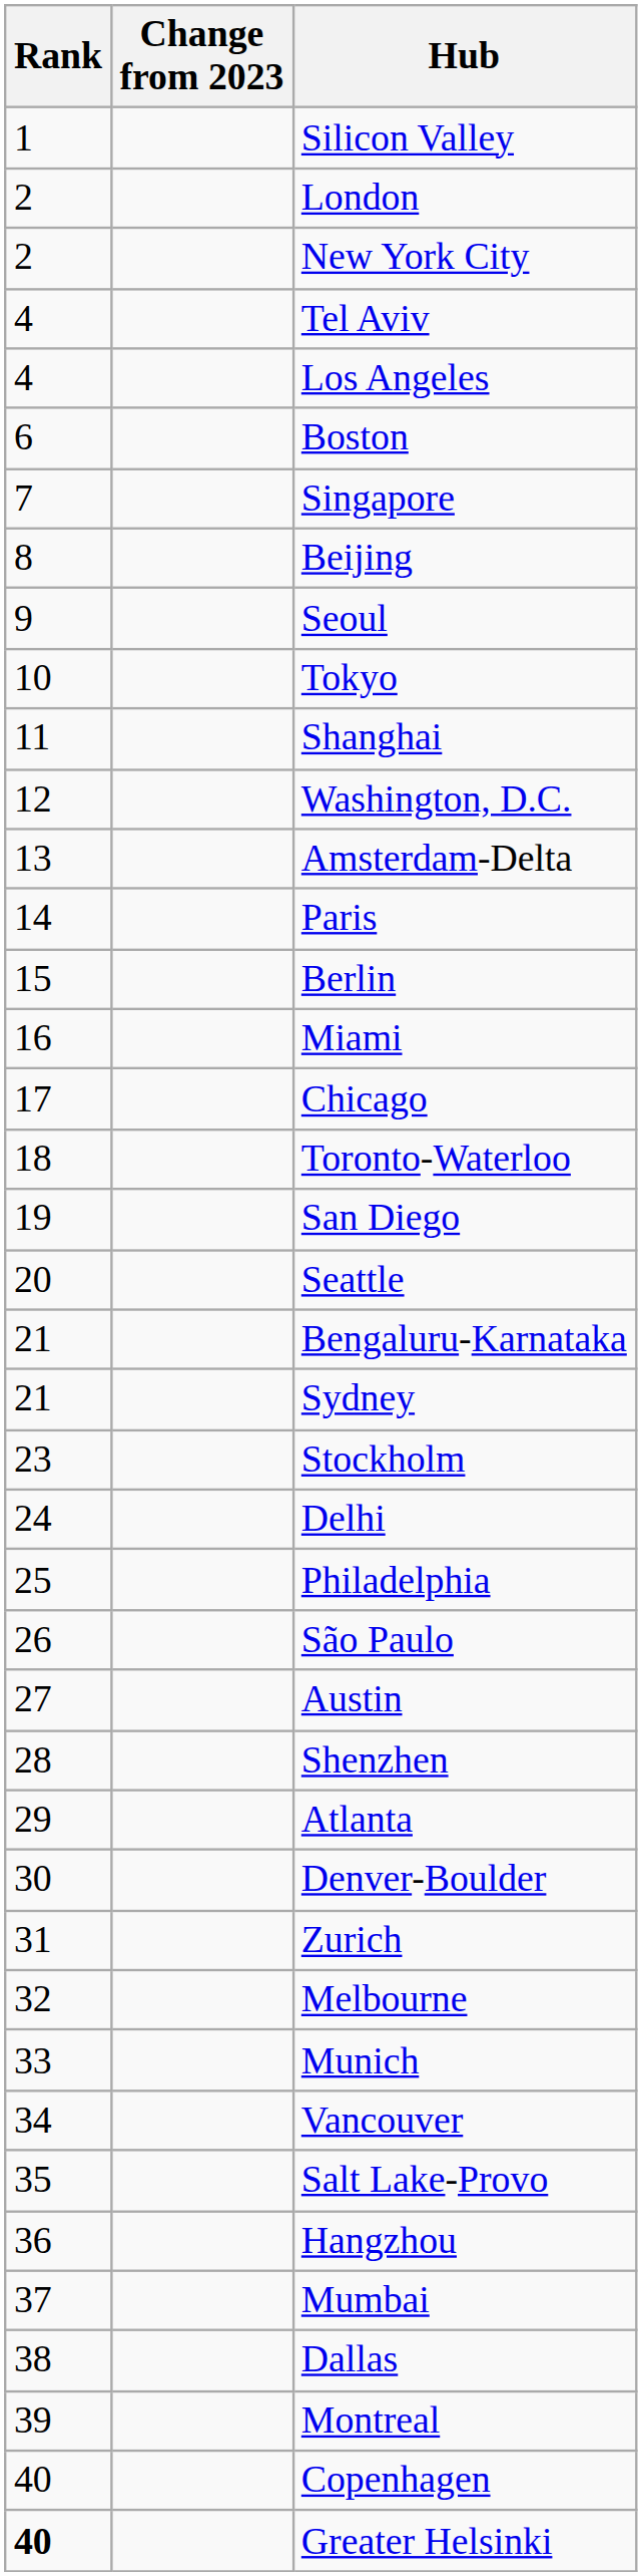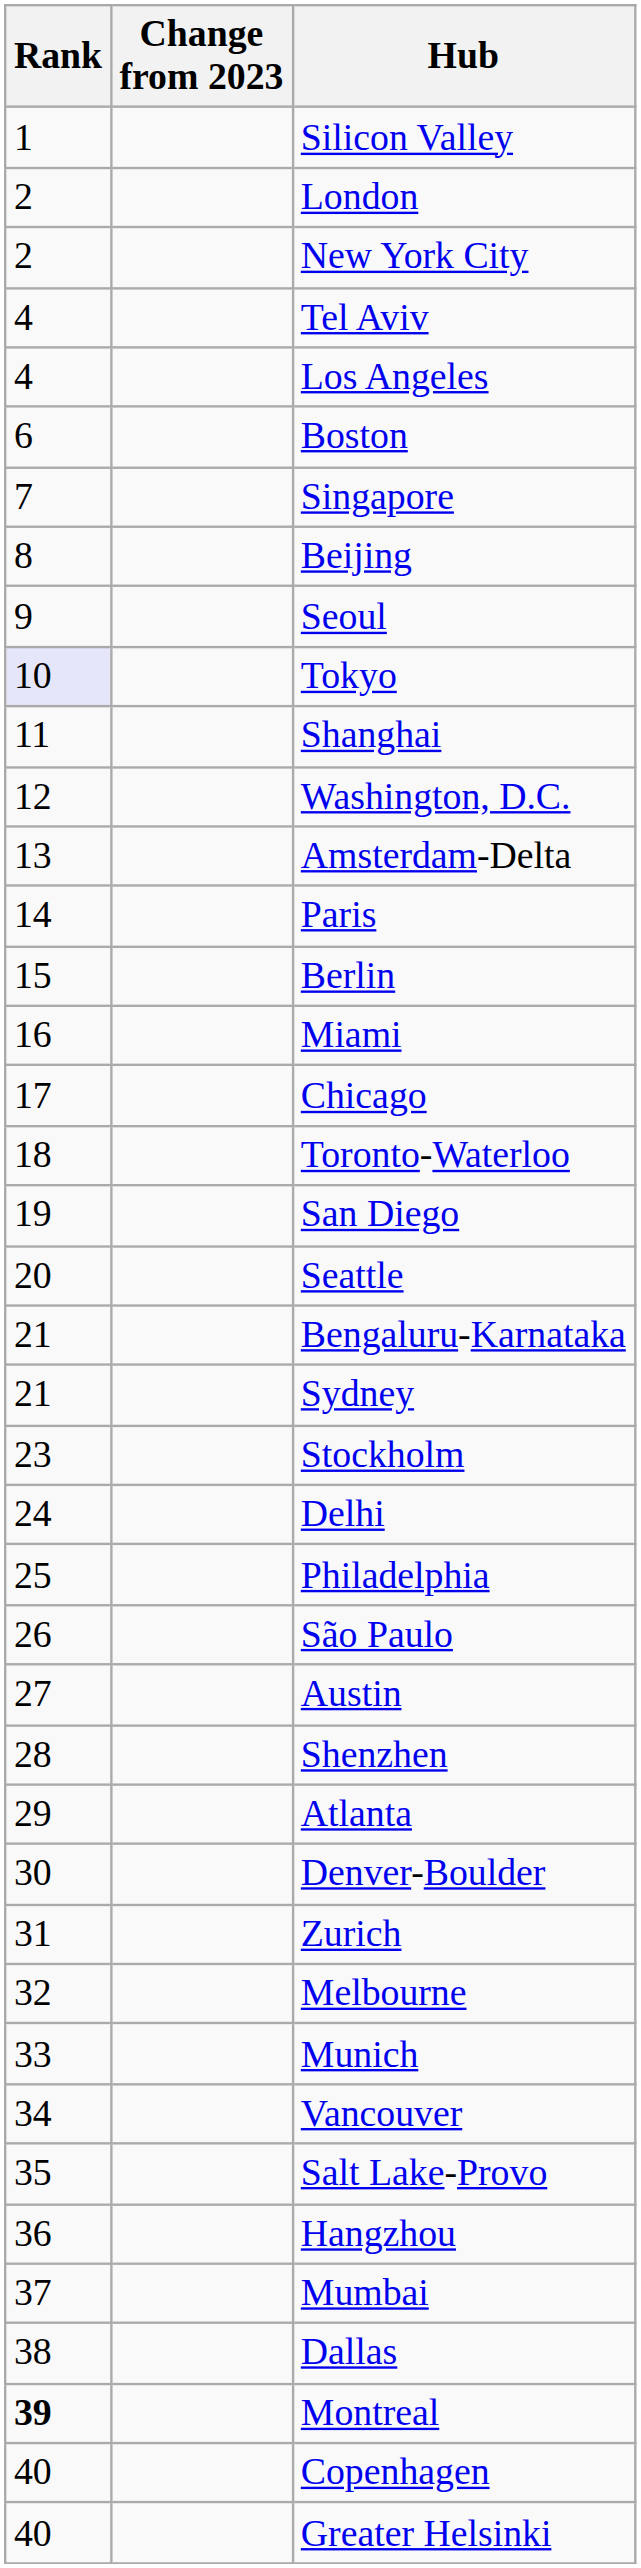 <table class="wikitable">
 <tr>
 <th>Rank</th>
 <th>Change<br>from 2023</th>
 <th>Hub</th>
 </tr>
 <tr>
 <td>1</td>
 <td></td>
 <td> <a href='#'>Silicon Valley</a></td>
 </tr>
 <tr>
 <td>2</td>
 <td></td>
 <td> <a href='#'>London</a></td>
 </tr>
 <tr>
 <td>2</td>
 <td></td>
 <td> <a href='#'>New York City</a></td>
 </tr>
 <tr>
 <td>4</td>
 <td></td>
 <td> <a href='#'>Tel Aviv</a></td>
 </tr>
 <tr>
 <td>4</td>
 <td></td>
 <td> <a href='#'>Los Angeles</a></td>
 </tr>
 <tr>
 <td>6</td>
 <td></td>
 <td> <a href='#'>Boston</a></td>
 </tr>
 <tr>
 <td>7</td>
 <td></td>
 <td> <a href='#'>Singapore</a></td>
 </tr>
 <tr>
 <td>8</td>
 <td></td>
 <td> <a href='#'>Beijing</a></td>
 </tr>
 <tr>
 <td>9</td>
 <td></td>
 <td> <a href='#'>Seoul</a></td>
 </tr>
 <tr>
-<td>10</td>
+<td style="background: lavender;">10</td>
 <td></td>
 <td> <a href='#'>Tokyo</a></td>
 </tr>
 <tr>
 <td>11</td>
 <td></td>
 <td> <a href='#'>Shanghai</a></td>
 </tr>
 <tr>
 <td>12</td>
 <td></td>
 <td> <a href='#'>Washington, D.C.</a></td>
 </tr>
 <tr>
 <td>13</td>
 <td></td>
 <td> <a href='#'>Amsterdam</a>-Delta</td>
 </tr>
 <tr>
 <td>14</td>
 <td></td>
 <td> <a href='#'>Paris</a></td>
 </tr>
 <tr>
 <td>15</td>
 <td></td>
 <td> <a href='#'>Berlin</a></td>
 </tr>
 <tr>
 <td>16</td>
 <td></td>
 <td> <a href='#'>Miami</a></td>
 </tr>
 <tr>
 <td>17</td>
 <td></td>
 <td> <a href='#'>Chicago</a></td>
 </tr>
 <tr>
 <td>18</td>
 <td></td>
 <td> <a href='#'>Toronto</a>-<a href='#'>Waterloo</a></td>
 </tr>
 <tr>
 <td>19</td>
 <td></td>
 <td> <a href='#'>San Diego</a></td>
 </tr>
 <tr>
 <td>20</td>
 <td></td>
 <td> <a href='#'>Seattle</a></td>
 </tr>
 <tr>
 <td>21</td>
 <td></td>
 <td> <a href='#'>Bengaluru</a>-<a href='#'>Karnataka</a></td>
 </tr>
 <tr>
 <td>21</td>
 <td></td>
 <td> <a href='#'>Sydney</a></td>
 </tr>
 <tr>
 <td>23</td>
 <td></td>
 <td> <a href='#'>Stockholm</a></td>
 </tr>
 <tr>
 <td>24</td>
 <td></td>
 <td> <a href='#'>Delhi</a></td>
 </tr>
 <tr>
 <td>25</td>
 <td></td>
 <td> <a href='#'>Philadelphia</a></td>
 </tr>
 <tr>
 <td>26</td>
 <td></td>
 <td> <a href='#'>São Paulo</a></td>
 </tr>
 <tr>
 <td>27</td>
 <td></td>
 <td> <a href='#'>Austin</a></td>
 </tr>
 <tr>
 <td>28</td>
 <td></td>
 <td> <a href='#'>Shenzhen</a></td>
 </tr>
 <tr>
 <td>29</td>
 <td></td>
 <td> <a href='#'>Atlanta</a></td>
 </tr>
 <tr>
 <td>30</td>
 <td></td>
 <td> <a href='#'>Denver</a>-<a href='#'>Boulder</a></td>
 </tr>
 <tr>
 <td>31</td>
 <td></td>
 <td> <a href='#'>Zurich</a></td>
 </tr>
 <tr>
 <td>32</td>
 <td></td>
 <td> <a href='#'>Melbourne</a></td>
 </tr>
 <tr>
 <td>33</td>
 <td></td>
 <td> <a href='#'>Munich</a></td>
 </tr>
 <tr>
 <td>34</td>
 <td></td>
 <td> <a href='#'>Vancouver</a></td>
 </tr>
 <tr>
 <td>35</td>
 <td></td>
 <td> <a href='#'>Salt Lake</a>-<a href='#'>Provo</a></td>
 </tr>
 <tr>
 <td>36</td>
 <td></td>
 <td> <a href='#'>Hangzhou</a></td>
 </tr>
 <tr>
 <td>37</td>
 <td></td>
 <td> <a href='#'>Mumbai</a></td>
 </tr>
 <tr>
 <td>38</td>
 <td></td>
 <td> <a href='#'>Dallas</a></td>
 </tr>
 <tr>
-<td>39</td>
+<td><strong>39</strong></td>
 <td></td>
 <td> <a href='#'>Montreal</a></td>
 </tr>
 <tr>
 <td>40</td>
 <td></td>
 <td> <a href='#'>Copenhagen</a></td>
 </tr>
 <tr>
-<td><strong>40</strong></td>
+<td>40</td>
 <td></td>
 <td> <a href='#'>Greater Helsinki</a></td>
 </tr>
 </table>
